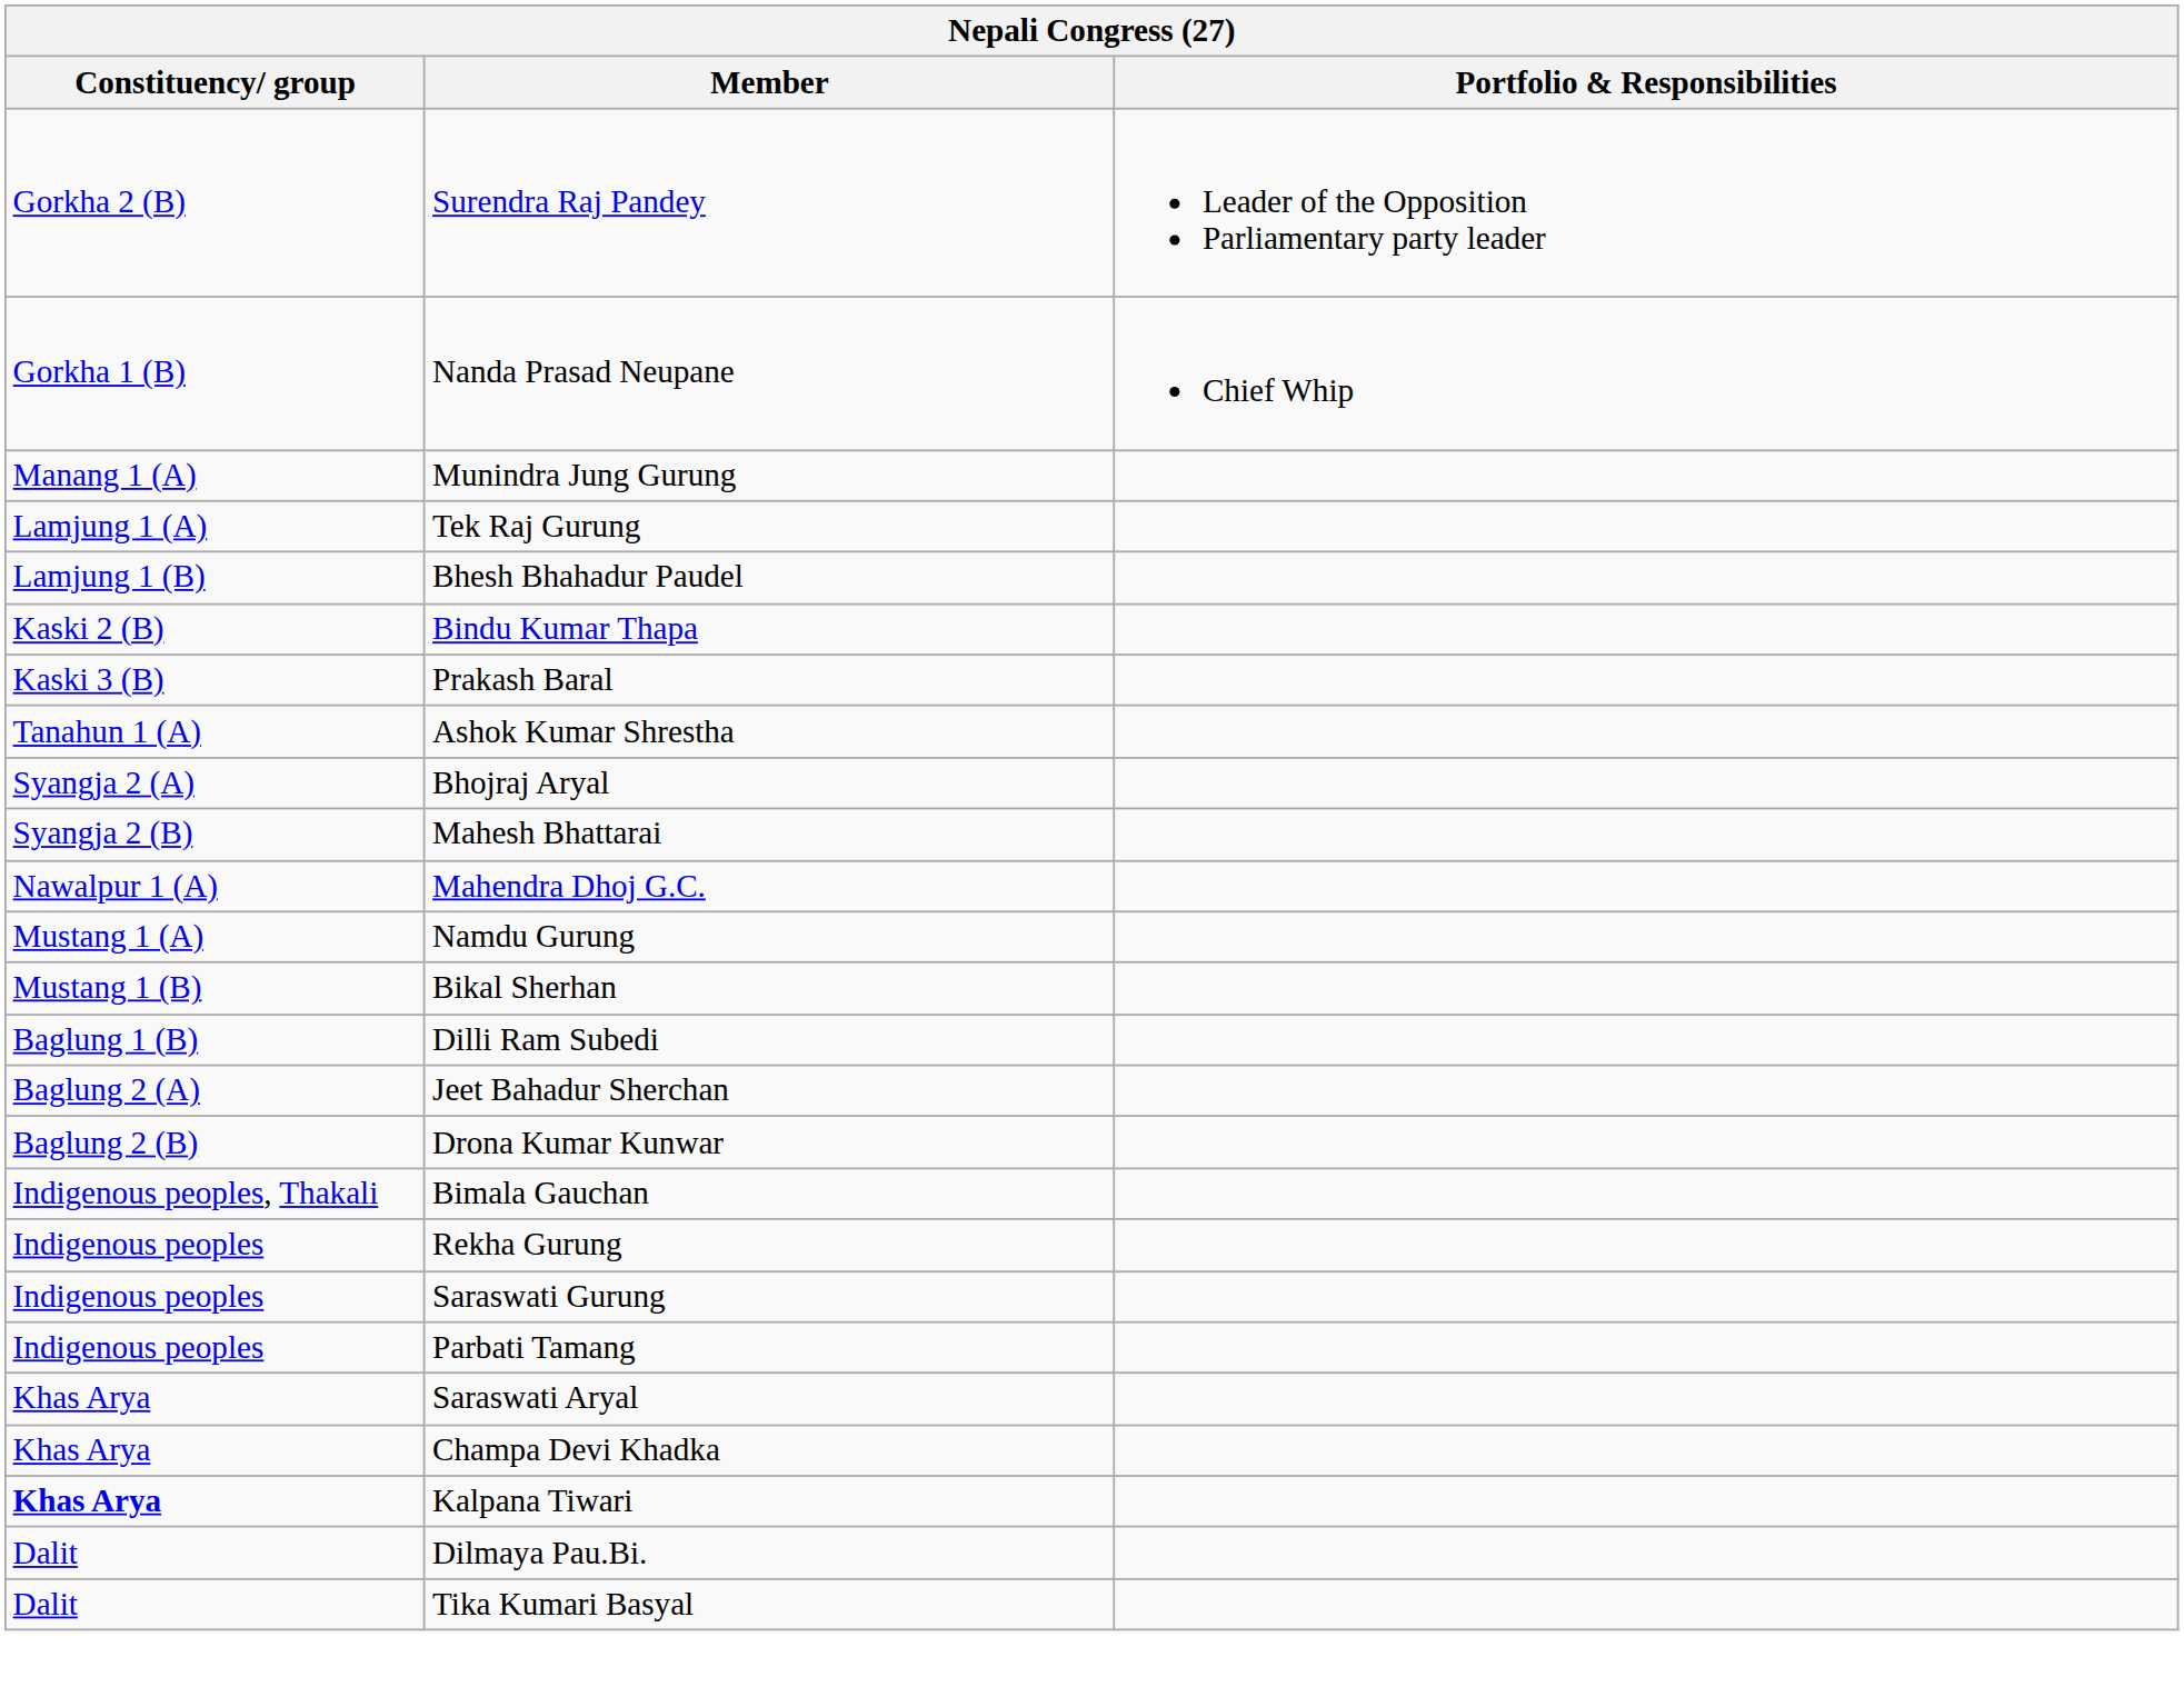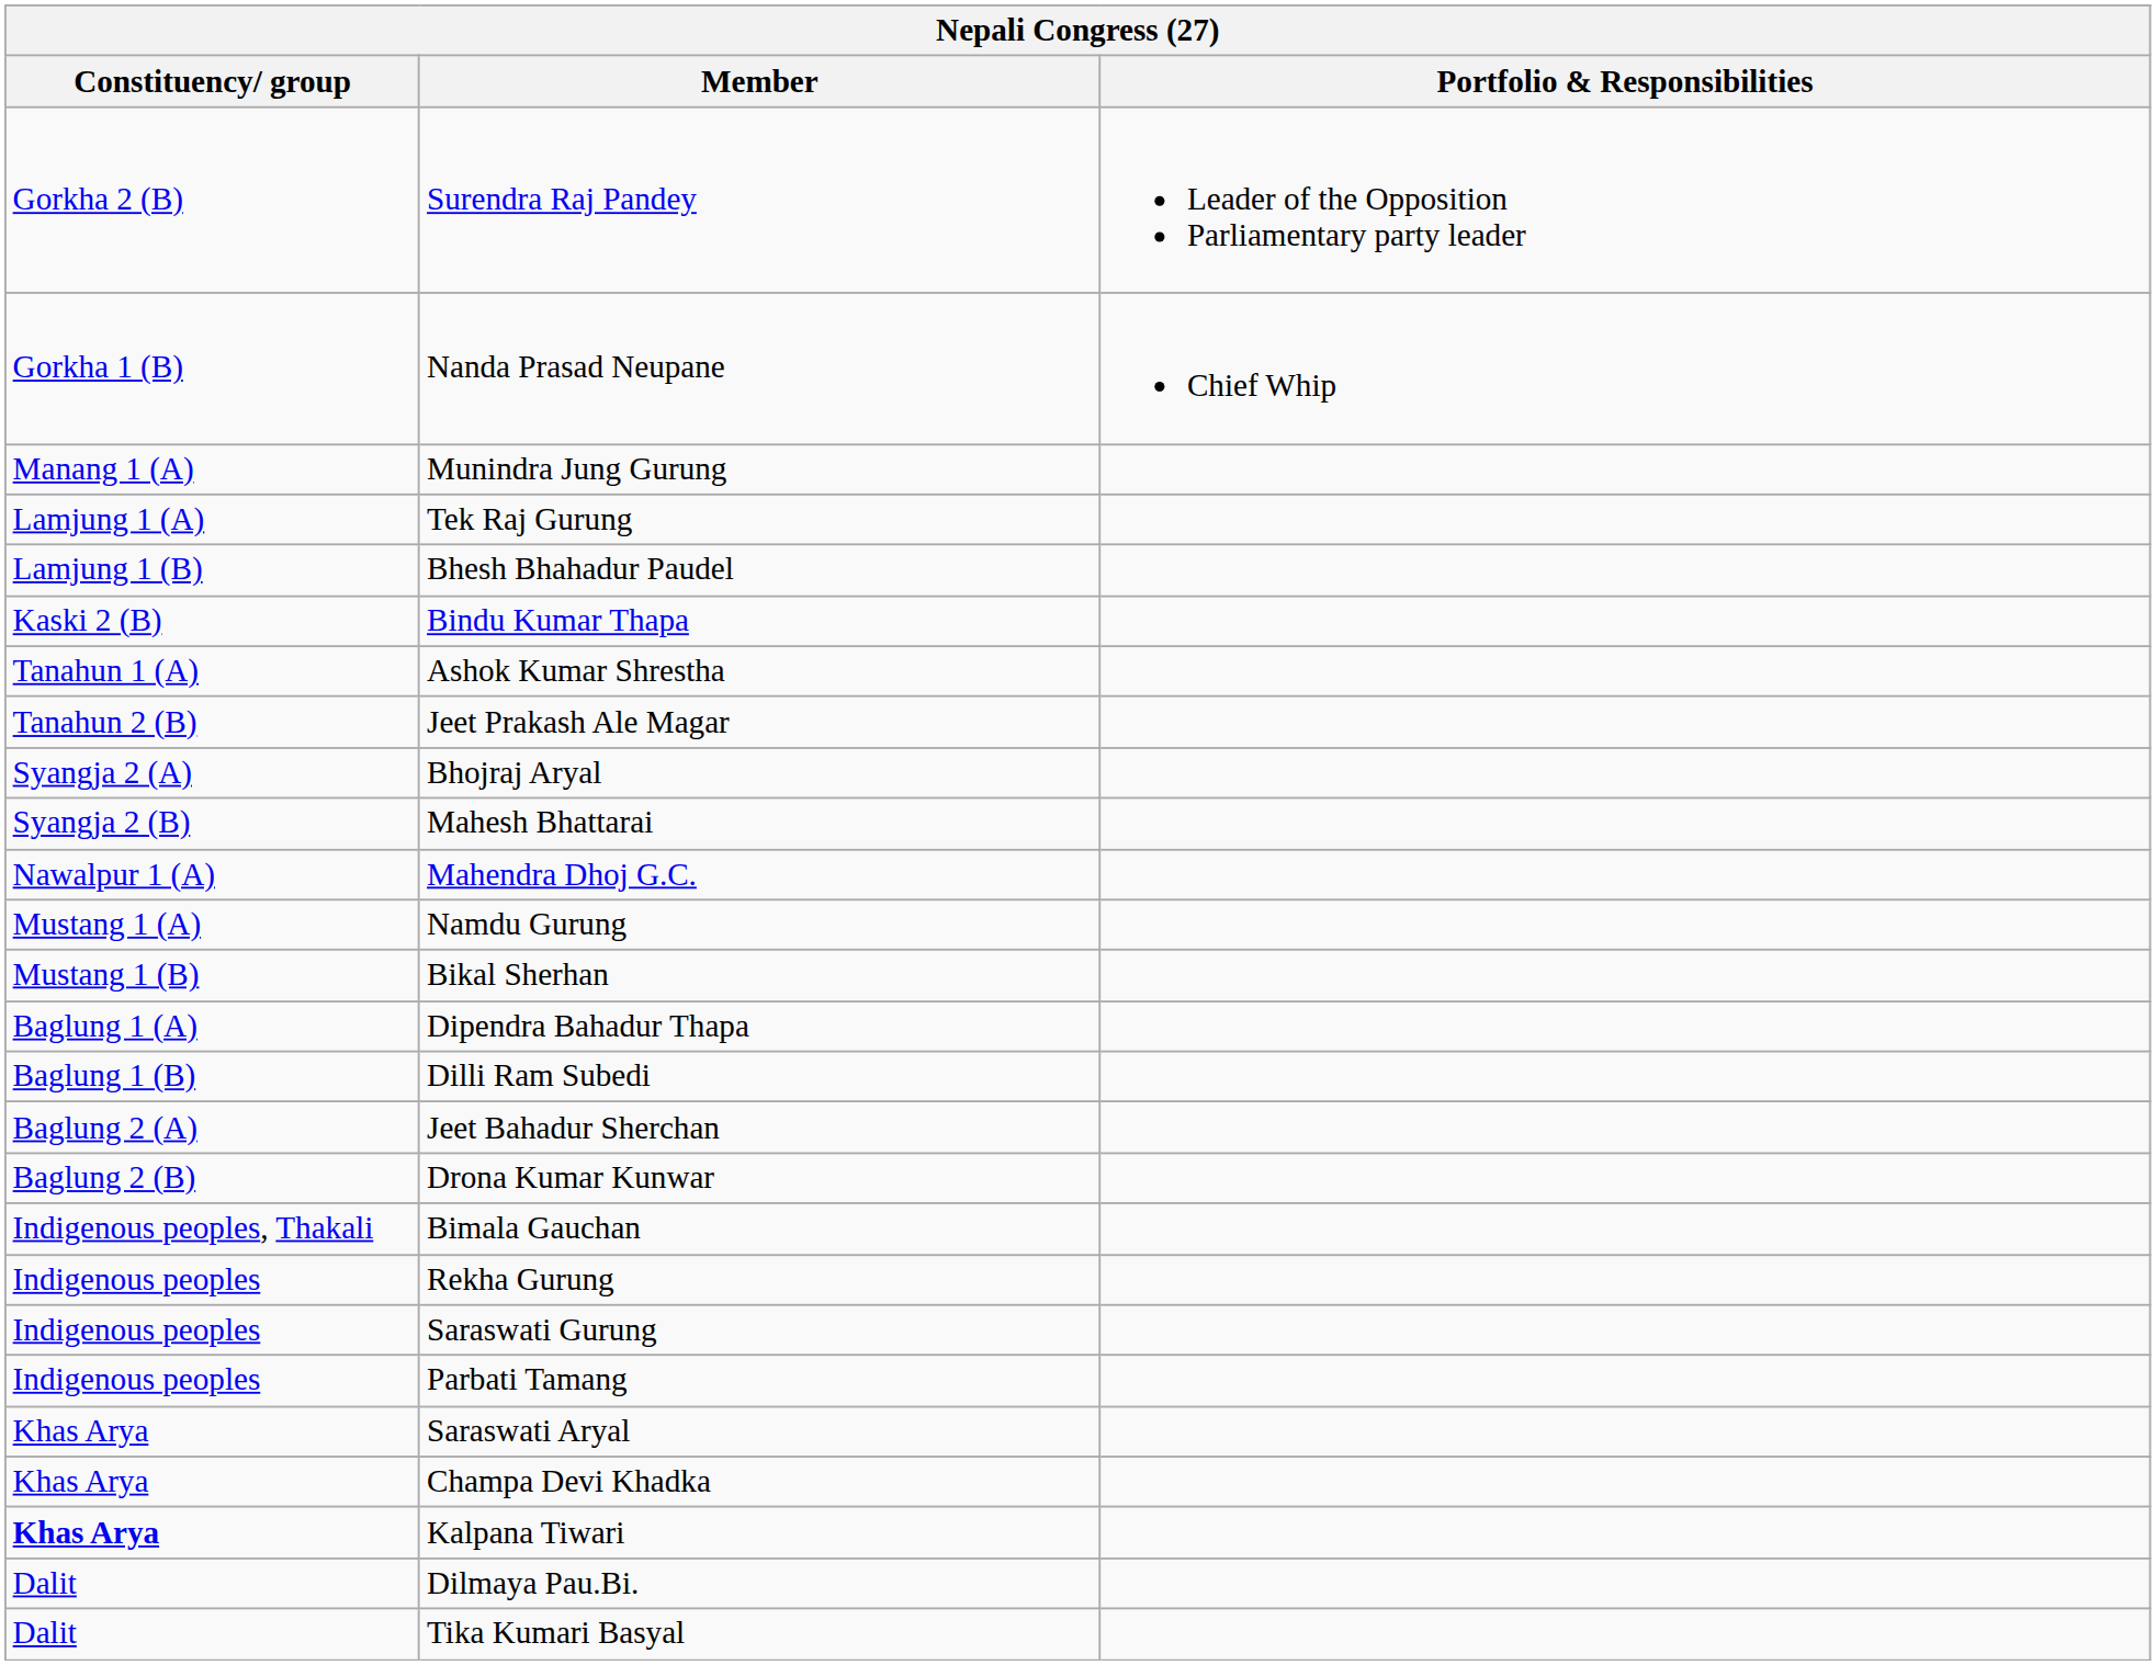 <table class="wikitable sortable mw-collapsible mw-collapsed">
 <tr>
 <th colspan="3" style="width: 800pt; background:">Nepali Congress (27)</th>
 </tr>
 <tr>
 <th style="width:150pt;">Constituency/ group</th>
 <th style="width:250pt;">Member</th>
 <th>Portfolio & Responsibilities</th>
 </tr>
 <tr>
 <td><a href='#'>Gorkha 2 (B)</a></td>
 <td><a href='#'>Surendra Raj Pandey</a></td>
 <td><br><ul><li>Leader of the Opposition</li><li>Parliamentary party leader</li></ul></td>
 </tr>
 <tr>
 <td><a href='#'>Gorkha 1 (B)</a></td>
 <td>Nanda Prasad Neupane</td>
 <td><br><ul><li>Chief Whip</li></ul></td>
 </tr>
 <tr>
 <td><a href='#'>Manang 1 (A)</a></td>
 <td>Munindra Jung Gurung</td>
 <td></td>
 </tr>
 <tr>
 <td><a href='#'>Lamjung 1 (A)</a></td>
 <td>Tek Raj Gurung</td>
 <td></td>
 </tr>
 <tr>
 <td><a href='#'>Lamjung 1 (B)</a></td>
 <td>Bhesh Bhahadur Paudel</td>
 <td></td>
 </tr>
 <tr>
 <td><a href='#'>Kaski 2 (B)</a></td>
 <td><a href='#'>Bindu Kumar Thapa</a></td>
 <td></td>
 </tr>
 <tr>
-<td><a href='#'>Kaski 3 (B)</a></td>
-<td>Prakash Baral</td>
+<td><a href='#'>Tanahun 1 (A)</a></td>
+<td>Ashok Kumar Shrestha</td>
 <td></td>
 </tr>
 <tr>
-<td><a href='#'>Tanahun 1 (A)</a></td>
-<td>Ashok Kumar Shrestha</td>
+<td><a href='#'>Tanahun 2 (B)</a></td>
+<td>Jeet Prakash Ale Magar</td>
 <td></td>
 </tr>
 <tr>
 <td><a href='#'>Syangja 2 (A)</a></td>
 <td>Bhojraj Aryal</td>
 <td></td>
 </tr>
 <tr>
 <td><a href='#'>Syangja 2 (B)</a></td>
 <td>Mahesh Bhattarai</td>
 <td></td>
 </tr>
 <tr>
 <td><a href='#'>Nawalpur 1 (A)</a></td>
 <td><a href='#'>Mahendra Dhoj G.C.</a></td>
 <td></td>
 </tr>
 <tr>
 <td><a href='#'>Mustang 1 (A)</a></td>
 <td>Namdu Gurung</td>
 <td></td>
 </tr>
 <tr>
 <td><a href='#'>Mustang 1 (B)</a></td>
 <td>Bikal Sherhan</td>
+<td></td>
+</tr>
+<tr>
+<td><a href='#'>Baglung 1 (A)</a></td>
+<td>Dipendra Bahadur Thapa</td>
 <td></td>
 </tr>
 <tr>
 <td><a href='#'>Baglung 1 (B)</a></td>
 <td>Dilli Ram Subedi</td>
 <td></td>
 </tr>
 <tr>
 <td><a href='#'>Baglung 2 (A)</a></td>
 <td>Jeet Bahadur Sherchan</td>
 <td></td>
 </tr>
 <tr>
 <td><a href='#'>Baglung 2 (B)</a></td>
 <td>Drona Kumar Kunwar</td>
 <td></td>
 </tr>
 <tr>
 <td><a href='#'>Indigenous peoples</a>, <a href='#'>Thakali</a></td>
 <td>Bimala Gauchan</td>
 <td></td>
 </tr>
 <tr>
 <td><a href='#'>Indigenous peoples</a></td>
 <td>Rekha Gurung</td>
 <td></td>
 </tr>
 <tr>
 <td><a href='#'>Indigenous peoples</a></td>
 <td>Saraswati Gurung</td>
 <td></td>
 </tr>
 <tr>
 <td><a href='#'>Indigenous peoples</a></td>
 <td>Parbati Tamang</td>
 <td></td>
 </tr>
 <tr>
 <td><a href='#'>Khas Arya</a></td>
 <td>Saraswati Aryal</td>
 <td></td>
 </tr>
 <tr>
 <td><a href='#'>Khas Arya</a></td>
 <td>Champa Devi Khadka</td>
 <td></td>
 </tr>
 <tr>
 <td><strong><a href='#'>Khas Arya</a></strong></td>
 <td>Kalpana Tiwari</td>
 <td></td>
 </tr>
 <tr>
 <td><a href='#'>Dalit</a></td>
 <td>Dilmaya Pau.Bi.</td>
 <td></td>
 </tr>
 <tr>
 <td><a href='#'>Dalit</a></td>
 <td>Tika Kumari Basyal</td>
 <td></td>
 </tr>
 </table>
